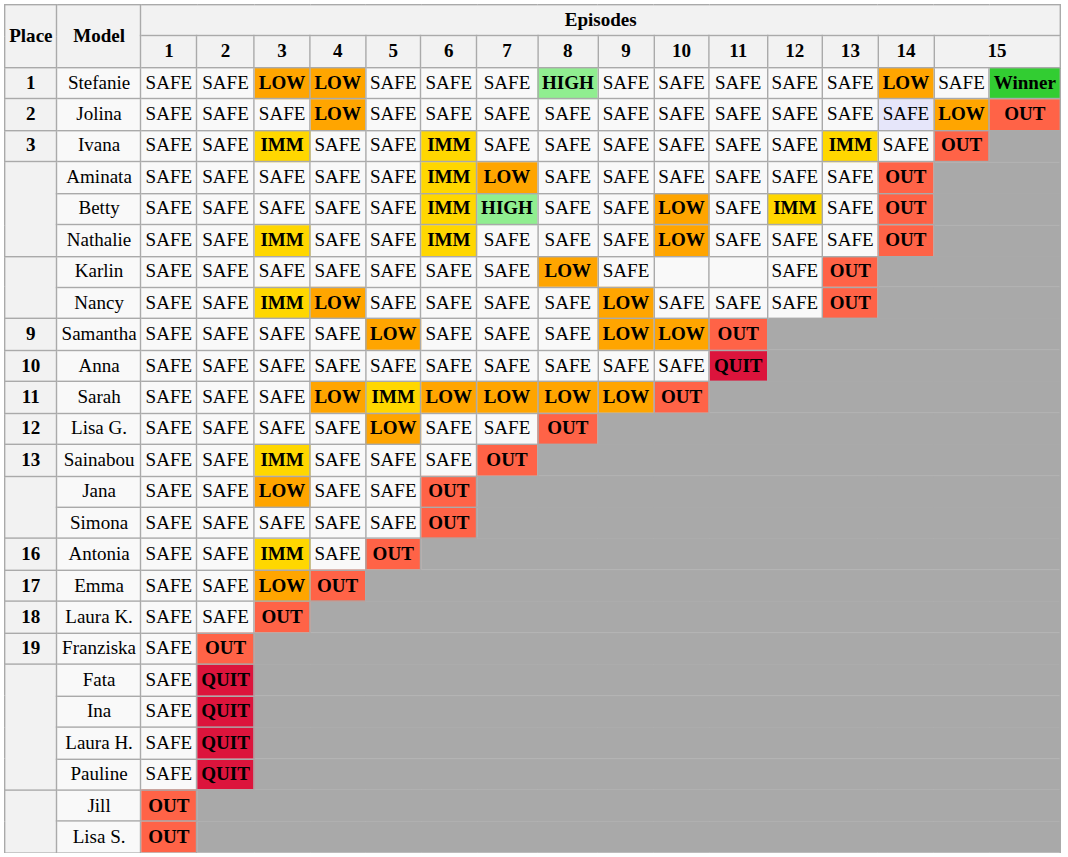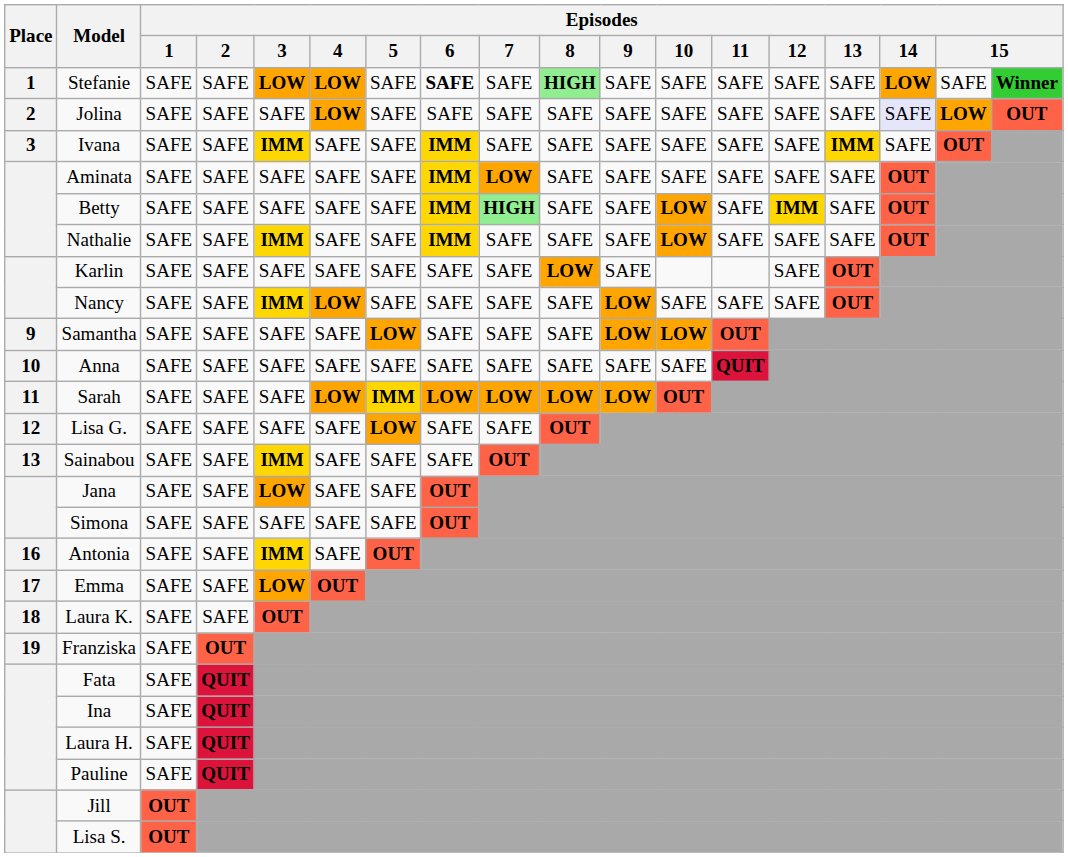 <table class="wikitable" style="width:50%; text-align:center; font-size:85%;">
 <tr>
 <th rowspan="2">Place</th>
 <th rowspan="2">Model</th>
 <th colspan="16">Episodes</th>
 </tr>
 <tr>
 <th>1</th>
 <th>2</th>
 <th>3</th>
 <th>4</th>
 <th>5</th>
 <th>6</th>
 <th>7</th>
 <th>8</th>
 <th>9</th>
 <th>10</th>
 <th>11</th>
 <th>12</th>
 <th>13</th>
 <th>14</th>
 <th colspan="2">15</th>
 </tr>
 <tr>
 <th>1</th>
 <td>Stefanie</td>
 <td>SAFE</td>
 <td>SAFE</td>
 <td style="background:orange;"><strong>LOW</strong></td>
 <td style="background:orange;"><strong>LOW</strong></td>
 <td>SAFE</td>
-<td>SAFE</td>
+<td><strong>SAFE</strong></td>
 <td>SAFE</td>
 <td style="background:lightgreen;"><strong>HIGH</strong></td>
 <td>SAFE</td>
 <td>SAFE</td>
 <td>SAFE</td>
 <td>SAFE</td>
 <td>SAFE</td>
 <td style="background:orange;"><strong>LOW</strong></td>
 <td>SAFE</td>
 <td style="background:limegreen;"><strong>Winner</strong></td>
 </tr>
 <tr>
 <th>2</th>
 <td>Jolina</td>
 <td>SAFE</td>
 <td>SAFE</td>
 <td>SAFE</td>
 <td style="background:orange;"><strong>LOW</strong></td>
 <td>SAFE</td>
 <td>SAFE</td>
 <td>SAFE</td>
 <td>SAFE</td>
 <td>SAFE</td>
 <td>SAFE</td>
 <td>SAFE</td>
 <td>SAFE</td>
 <td>SAFE</td>
 <td style="background: lavender;">SAFE</td>
 <td style="background:orange;"><strong>LOW</strong></td>
 <td style="background:tomato;"><strong>OUT</strong></td>
 </tr>
 <tr>
 <th>3</th>
 <td>Ivana</td>
 <td>SAFE</td>
 <td>SAFE</td>
 <td style="background:gold;"><strong>IMM</strong></td>
 <td>SAFE</td>
 <td>SAFE</td>
 <td style="background:gold;"><strong>IMM</strong></td>
 <td>SAFE</td>
 <td>SAFE</td>
 <td>SAFE</td>
 <td>SAFE</td>
 <td>SAFE</td>
 <td>SAFE</td>
 <td style="background:gold;"><strong>IMM</strong></td>
 <td>SAFE</td>
 <td style="background:tomato;"><strong>OUT</strong></td>
 <td style="background:darkgrey;" colspan="12"></td>
 </tr>
 <tr>
 <th rowspan="3"></th>
 <td>Aminata</td>
 <td>SAFE</td>
 <td>SAFE</td>
 <td>SAFE</td>
 <td>SAFE</td>
 <td>SAFE</td>
 <td style="background:gold;"><strong>IMM</strong></td>
 <td style="background:orange;"><strong>LOW</strong></td>
 <td>SAFE</td>
 <td>SAFE</td>
 <td>SAFE</td>
 <td>SAFE</td>
 <td>SAFE</td>
 <td>SAFE</td>
 <td style="background:tomato;"><strong>OUT</strong></td>
 <td style="background:darkgrey;" colspan="12"></td>
 </tr>
 <tr>
 <td>Betty</td>
 <td>SAFE</td>
 <td>SAFE</td>
 <td>SAFE</td>
 <td>SAFE</td>
 <td>SAFE</td>
 <td style="background:gold;"><strong>IMM</strong></td>
 <td style="background:lightgreen;"><strong>HIGH</strong></td>
 <td>SAFE</td>
 <td>SAFE</td>
 <td style="background:orange;"><strong>LOW</strong></td>
 <td>SAFE</td>
 <td style="background:gold;"><strong>IMM</strong></td>
 <td>SAFE</td>
 <td style="background:tomato;"><strong>OUT</strong></td>
 <td style="background:darkgrey;" colspan="12"></td>
 </tr>
 <tr>
 <td>Nathalie</td>
 <td>SAFE</td>
 <td>SAFE</td>
 <td style="background:gold;"><strong>IMM</strong></td>
 <td>SAFE</td>
 <td>SAFE</td>
 <td style="background:gold;"><strong>IMM</strong></td>
 <td>SAFE</td>
 <td>SAFE</td>
 <td>SAFE</td>
 <td style="background:orange;"><strong>LOW</strong></td>
 <td>SAFE</td>
 <td>SAFE</td>
 <td>SAFE</td>
 <td style="background:tomato;"><strong>OUT</strong></td>
 <td style="background:darkgrey;" colspan="12"></td>
 </tr>
 <tr>
 <th rowspan="2"></th>
 <td>Karlin</td>
 <td>SAFE</td>
 <td>SAFE</td>
 <td>SAFE</td>
 <td>SAFE</td>
 <td>SAFE</td>
 <td>SAFE</td>
 <td>SAFE</td>
 <td style="background:orange;"><strong>LOW</strong></td>
 <td>SAFE</td>
 <td></td>
 <td></td>
 <td>SAFE</td>
 <td style="background:tomato;"><strong>OUT</strong></td>
 <td style="background:darkgrey;" colspan="12"></td>
 </tr>
 <tr>
 <td>Nancy</td>
 <td>SAFE</td>
 <td>SAFE</td>
 <td style="background:gold;"><strong>IMM</strong></td>
 <td style="background:orange;"><strong>LOW</strong></td>
 <td>SAFE</td>
 <td>SAFE</td>
 <td>SAFE</td>
 <td>SAFE</td>
 <td style="background:orange;"><strong>LOW</strong></td>
 <td>SAFE</td>
 <td>SAFE</td>
 <td>SAFE</td>
 <td style="background:tomato;"><strong>OUT</strong></td>
 <td style="background:darkgrey;" colspan="12"></td>
 </tr>
 <tr>
 <th>9</th>
 <td>Samantha</td>
 <td>SAFE</td>
 <td>SAFE</td>
 <td>SAFE</td>
 <td>SAFE</td>
 <td style="background:orange;"><strong>LOW</strong></td>
 <td>SAFE</td>
 <td>SAFE</td>
 <td>SAFE</td>
 <td style="background:orange;"><strong>LOW</strong></td>
 <td style="background:orange;"><strong>LOW</strong></td>
 <td style="background:tomato;"><strong>OUT</strong></td>
 <td style="background:darkgrey;" colspan="12"></td>
 </tr>
 <tr>
 <th>10</th>
 <td>Anna</td>
 <td>SAFE</td>
 <td>SAFE</td>
 <td>SAFE</td>
 <td>SAFE</td>
 <td>SAFE</td>
 <td>SAFE</td>
 <td>SAFE</td>
 <td>SAFE</td>
 <td>SAFE</td>
 <td>SAFE</td>
 <td style="background:crimson;"><span><strong>QUIT</strong></span></td>
 <td style="background:darkgrey;" colspan="12"></td>
 </tr>
 <tr>
 <th>11</th>
 <td>Sarah</td>
 <td>SAFE</td>
 <td>SAFE</td>
 <td>SAFE</td>
 <td style="background:orange;"><strong>LOW</strong></td>
 <td style="background:gold;"><strong>IMM</strong></td>
 <td style="background:orange;"><strong>LOW</strong></td>
 <td style="background:orange;"><strong>LOW</strong></td>
 <td style="background:orange;"><strong>LOW</strong></td>
 <td style="background:orange;"><strong>LOW</strong></td>
 <td style="background:tomato;"><strong>OUT</strong></td>
 <td style="background:darkgrey;" colspan="12"></td>
 </tr>
 <tr>
 <th>12</th>
 <td>Lisa G.</td>
 <td>SAFE</td>
 <td>SAFE</td>
 <td>SAFE</td>
 <td>SAFE</td>
 <td style="background:orange;"><strong>LOW</strong></td>
 <td>SAFE</td>
 <td>SAFE</td>
 <td style="background:tomato;"><strong>OUT</strong></td>
 <td style="background:darkgrey;" colspan="12"></td>
 </tr>
 <tr>
 <th>13</th>
 <td>Sainabou</td>
 <td>SAFE</td>
 <td>SAFE</td>
 <td style="background:gold;"><strong>IMM</strong></td>
 <td>SAFE</td>
 <td>SAFE</td>
 <td>SAFE</td>
 <td style="background:tomato;"><strong>OUT</strong></td>
 <td style="background:darkgrey;" colspan="12"></td>
 </tr>
 <tr>
 <th rowspan="2"></th>
 <td>Jana</td>
 <td>SAFE</td>
 <td>SAFE</td>
 <td style="background:orange;"><strong>LOW</strong></td>
 <td>SAFE</td>
 <td>SAFE</td>
 <td style="background:tomato;"><strong>OUT</strong></td>
 <td style="background:darkgrey;" colspan="12"></td>
 </tr>
 <tr>
 <td>Simona</td>
 <td>SAFE</td>
 <td>SAFE</td>
 <td>SAFE</td>
 <td>SAFE</td>
 <td>SAFE</td>
 <td style="background:tomato;"><strong>OUT</strong></td>
 <td style="background:darkgrey;" colspan="12"></td>
 </tr>
 <tr>
 <th>16</th>
 <td>Antonia</td>
 <td>SAFE</td>
 <td>SAFE</td>
 <td style="background:gold;"><strong>IMM</strong></td>
 <td>SAFE</td>
 <td style="background:tomato;"><strong>OUT</strong></td>
 <td style="background:darkgrey;" colspan="12"></td>
 </tr>
 <tr>
 <th>17</th>
 <td>Emma</td>
 <td>SAFE</td>
 <td>SAFE</td>
 <td style="background:orange;"><strong>LOW</strong></td>
 <td style="background:tomato;"><strong>OUT</strong></td>
 <td style="background:darkgrey;" colspan="12"></td>
 </tr>
 <tr>
 <th>18</th>
 <td>Laura K.</td>
 <td>SAFE</td>
 <td>SAFE</td>
 <td style="background:tomato;"><strong>OUT</strong></td>
 <td style="background:darkgrey;" colspan="14"></td>
 </tr>
 <tr>
 <th>19</th>
 <td>Franziska</td>
 <td>SAFE</td>
 <td style="background:tomato;"><strong>OUT</strong></td>
 <td style="background:darkgrey;" colspan="14"></td>
 </tr>
 <tr>
 <th rowspan="4"></th>
 <td>Fata</td>
 <td>SAFE</td>
 <td style="background:crimson;"><span><strong>QUIT</strong></span></td>
 <td style="background:darkgrey;" colspan="14"></td>
 </tr>
 <tr>
 <td>Ina</td>
 <td>SAFE</td>
 <td style="background:crimson;"><span><strong>QUIT</strong></span></td>
 <td style="background:darkgrey;" colspan="14"></td>
 </tr>
 <tr>
 <td>Laura H.</td>
 <td>SAFE</td>
 <td style="background:crimson;"><span><strong>QUIT</strong></span></td>
 <td style="background:darkgrey;" colspan="14"></td>
 </tr>
 <tr>
 <td>Pauline</td>
 <td>SAFE</td>
 <td style="background:crimson;"><span><strong>QUIT</strong></span></td>
 <td style="background:darkgrey;" colspan="14"></td>
 </tr>
 <tr>
 <th rowspan="4"></th>
 <td>Jill</td>
 <td style="background:tomato;"><strong>OUT</strong></td>
 <td style="background:darkgrey;" colspan="15"></td>
 </tr>
 <tr>
 <td>Lisa S.</td>
 <td style="background:tomato;"><strong>OUT</strong></td>
 <td style="background:darkgrey;" colspan="15"></td>
 </tr>
 </table>
